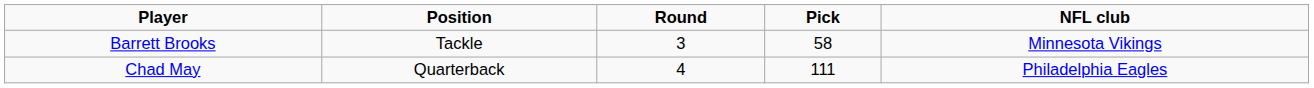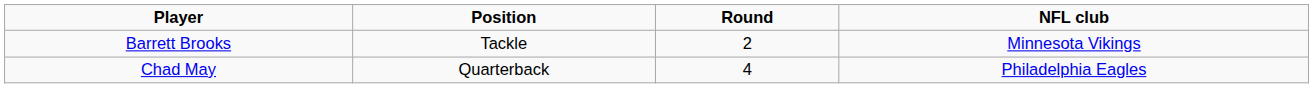 <table class="wikitable" width="80%">
 <tr align="center">
 <td><strong>Player</strong></td>
 <td><strong>Position</strong></td>
 <td><strong>Round</strong></td>
-<td><strong>Pick</strong></td>
 <td><strong>NFL club</strong></td>
 </tr>
 <tr align="center" bgcolor="">
 <td><a href='#'>Barrett Brooks</a></td>
 <td>Tackle</td>
-<td>3</td>
-<td>58</td>
+<td>2</td>
 <td><a href='#'>Minnesota Vikings</a></td>
 </tr>
 <tr align="center" bgcolor="">
 <td><a href='#'>Chad May</a></td>
 <td>Quarterback</td>
 <td>4</td>
-<td>111</td>
 <td><a href='#'>Philadelphia Eagles</a></td>
 </tr>
 </table>
